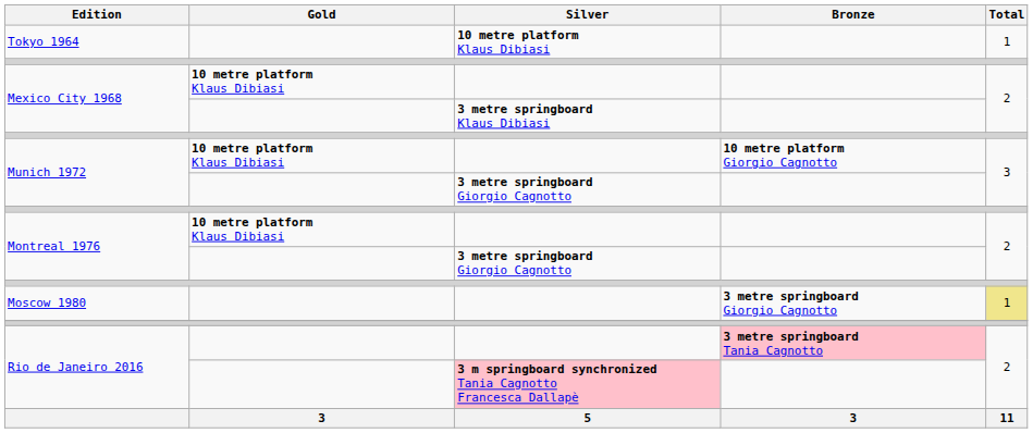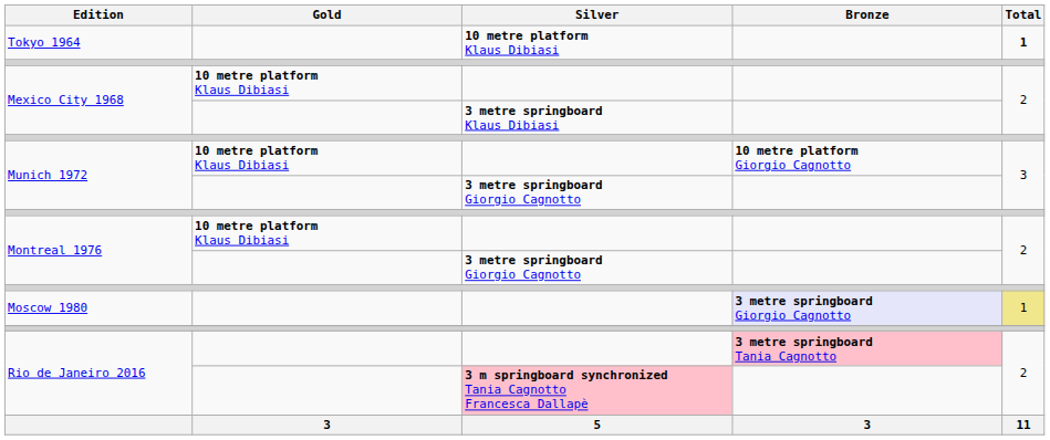 <table class="wikitable" width=80% style="font-size:90%; text-align:left;">
 <tr>
 <th width=18%>Edition</th>
 <th width=26%> Gold</th>
 <th width=26%> Silver</th>
 <th width=26%> Bronze</th>
 <th width=4%>Total</th>
 </tr>
 <tr>
 <td rowspan=1 align=left> <a href='#'>Tokyo 1964</a></td>
 <td></td>
 <td><strong>10 metre platform</strong><br><a href='#'>Klaus Dibiasi</a></td>
 <td></td>
-<td rowspan=1 align=center>1</td>
+<td rowspan=1 align=center><strong>1</strong></td>
 </tr>
 <tr bgcolor=lightgrey>
 <td colspan=5></td>
 </tr>
 <tr>
 <td rowspan=2 align=left> <a href='#'>Mexico City 1968</a></td>
 <td><strong>10 metre platform</strong><br><a href='#'>Klaus Dibiasi</a></td>
 <td></td>
 <td></td>
 <td rowspan=2 align=center>2</td>
 </tr>
 <tr>
 <td></td>
 <td><strong>3 metre springboard</strong><br><a href='#'>Klaus Dibiasi</a></td>
 <td></td>
 </tr>
 <tr bgcolor=lightgrey>
 <td colspan=5></td>
 </tr>
 <tr>
 <td rowspan=2 align=left> <a href='#'>Munich 1972</a></td>
 <td><strong>10 metre platform</strong><br><a href='#'>Klaus Dibiasi</a></td>
 <td></td>
 <td><strong>10 metre platform</strong><br><a href='#'>Giorgio Cagnotto</a></td>
 <td rowspan=2 align=center>3</td>
 </tr>
 <tr>
 <td></td>
 <td><strong>3 metre springboard</strong><br><a href='#'>Giorgio Cagnotto</a></td>
 <td></td>
 </tr>
 <tr bgcolor=lightgrey>
 <td colspan=5></td>
 </tr>
 <tr>
 <td rowspan=2 align=left> <a href='#'>Montreal 1976</a></td>
 <td><strong>10 metre platform</strong><br><a href='#'>Klaus Dibiasi</a></td>
 <td></td>
 <td></td>
 <td rowspan=2 align=center>2</td>
 </tr>
 <tr>
 <td></td>
 <td><strong>3 metre springboard</strong><br><a href='#'>Giorgio Cagnotto</a></td>
 <td></td>
 </tr>
 <tr bgcolor=lightgrey>
 <td colspan=5></td>
 </tr>
 <tr>
 <td rowspan=1 align=left> <a href='#'>Moscow 1980</a></td>
 <td></td>
 <td></td>
-<td><strong>3 metre springboard</strong><br><a href='#'>Giorgio Cagnotto</a></td>
+<td style="background: lavender;"><strong>3 metre springboard</strong><br><a href='#'>Giorgio Cagnotto</a></td>
 <td rowspan=1 align=center style="background: khaki;">1</td>
 </tr>
 <tr>
 </tr>
 <tr bgcolor=lightgrey>
 <td colspan=5></td>
 </tr>
 <tr>
 <td rowspan=2 align=left> <a href='#'>Rio de Janeiro 2016</a></td>
 <td></td>
 <td></td>
 <td bgcolor=pink><strong>3 metre springboard</strong><br><a href='#'>Tania Cagnotto</a></td>
 <td rowspan=2 align=center>2</td>
 </tr>
 <tr>
 <td></td>
 <td bgcolor=pink><strong>3 m springboard synchronized</strong><br><a href='#'>Tania Cagnotto</a><br><a href='#'>Francesca Dallapè</a></td>
 <td></td>
 </tr>
 <tr>
 <th></th>
 <th>3</th>
 <th>5</th>
 <th>3</th>
 <th>11</th>
 </tr>
 </table>
